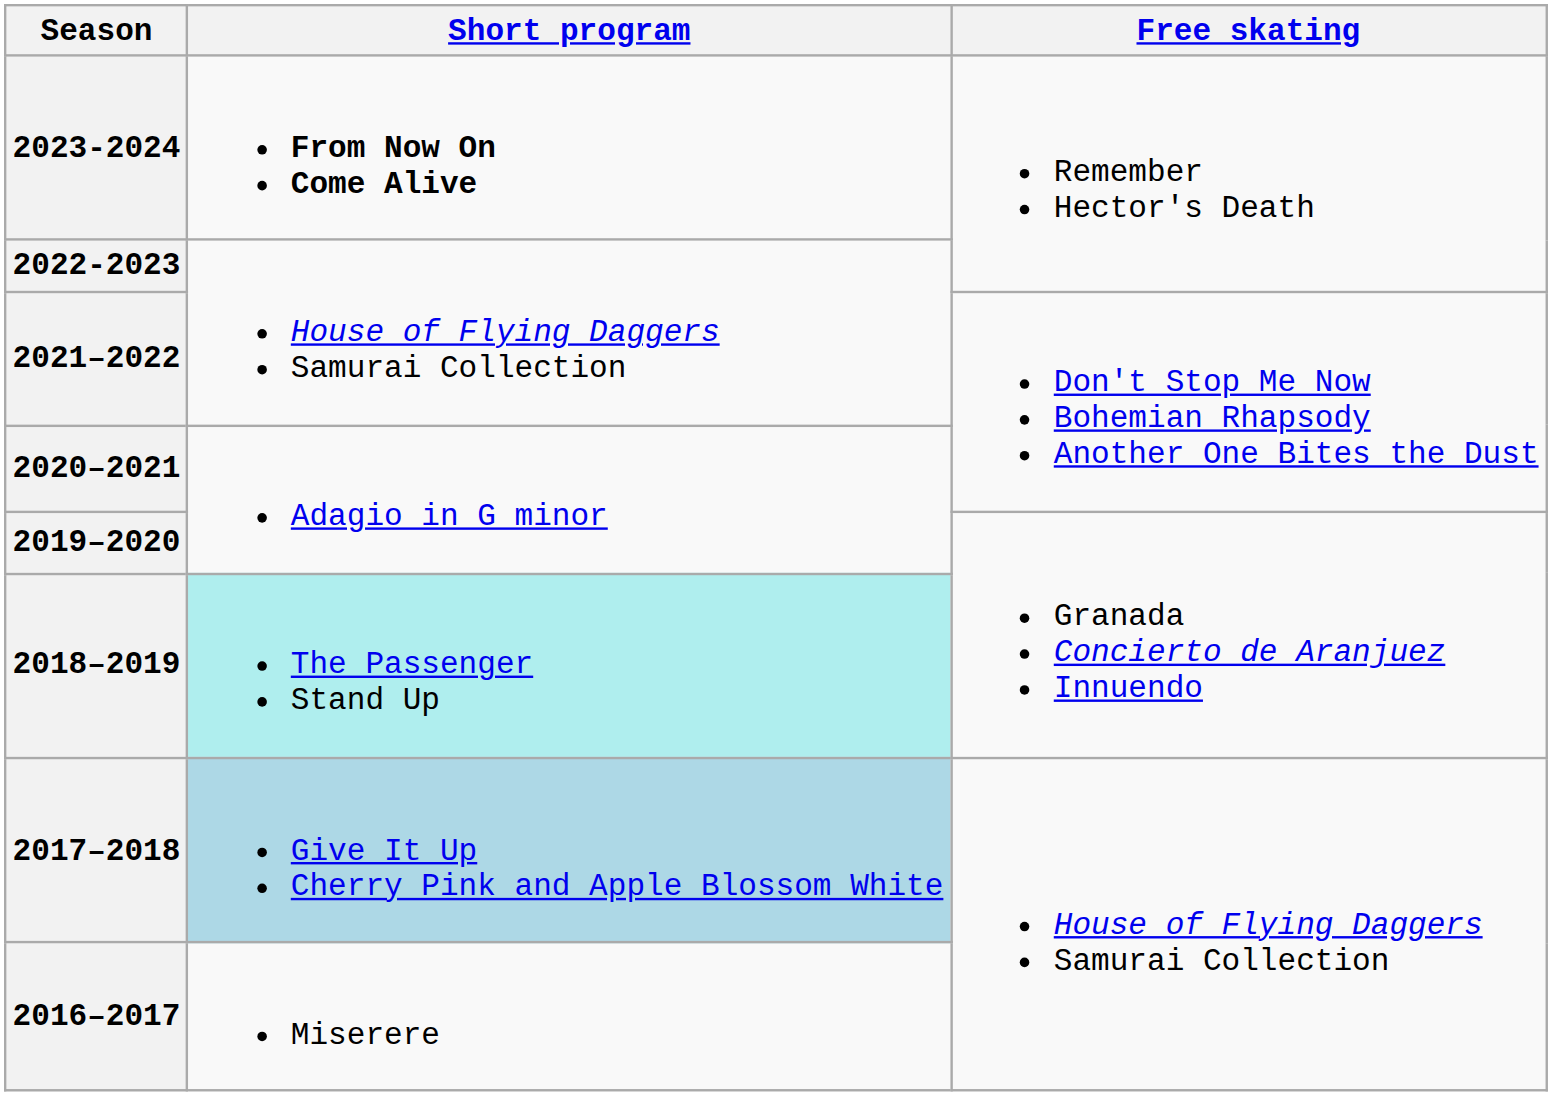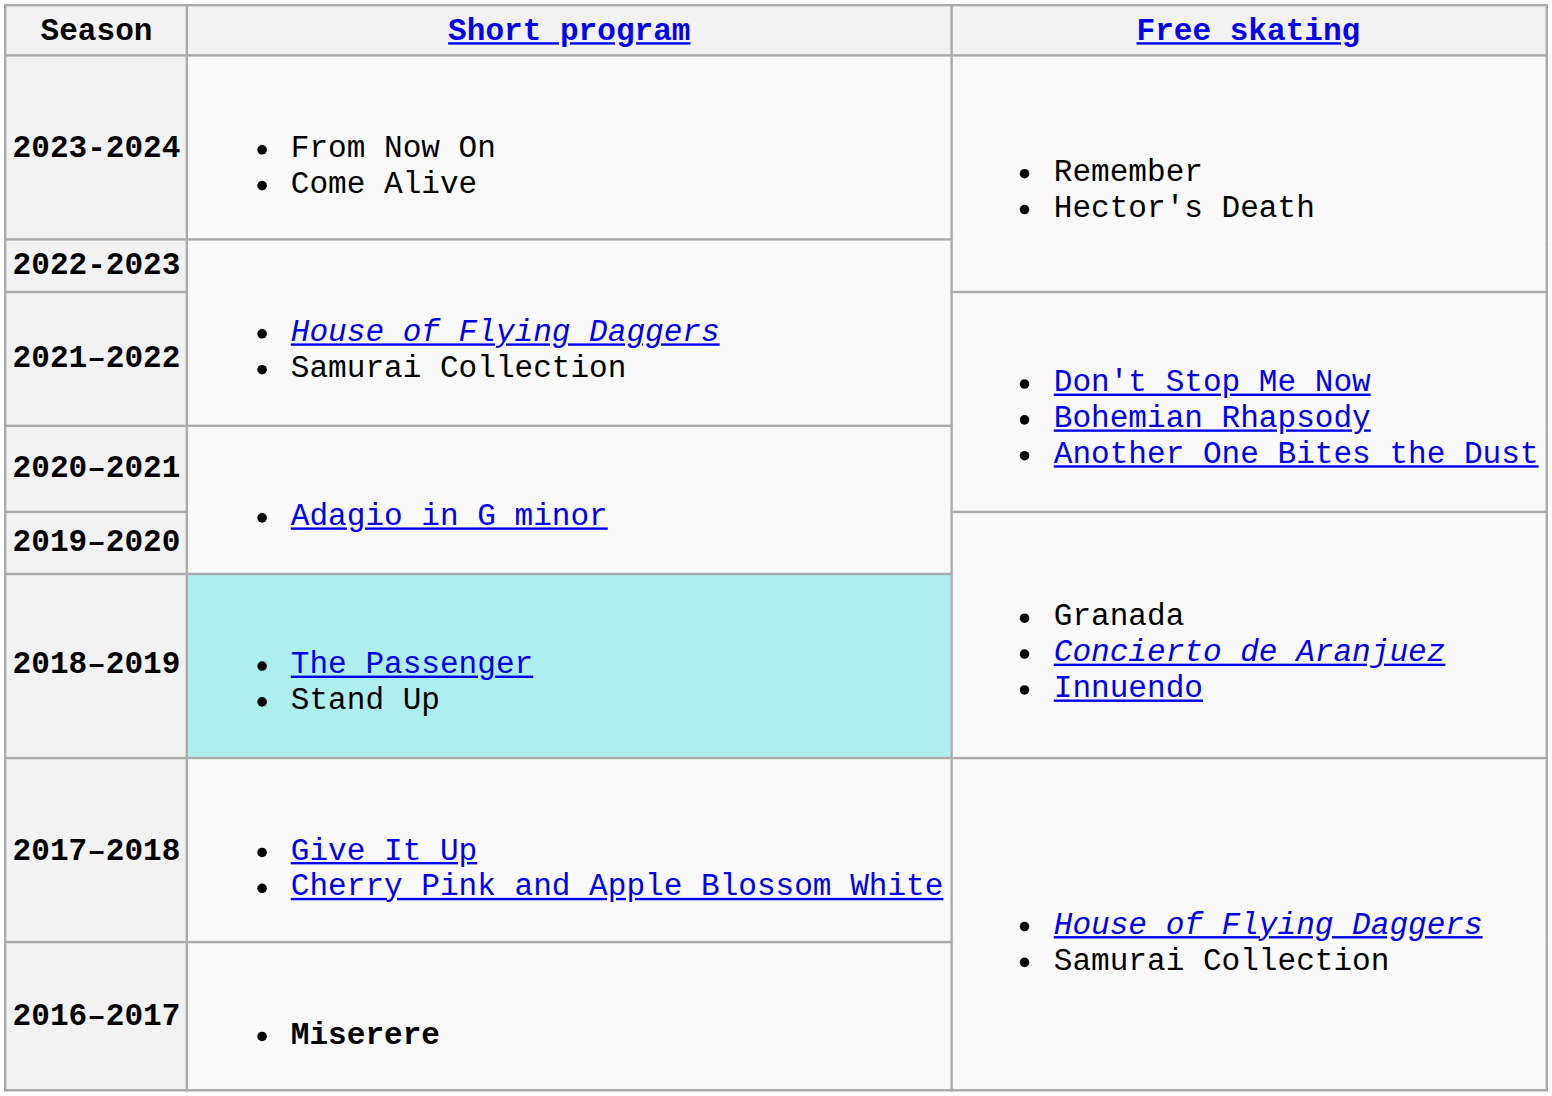 <table class="wikitable">
 <tr>
 <th>Season</th>
 <th><a href='#'>Short program</a></th>
 <th><a href='#'>Free skating</a></th>
 </tr>
 <tr>
 <th>2023-2024</th>
-<td><strong><br><ul><li>From Now On</li><li>Come Alive<br> </li></ul></strong></td>
+<td><br><ul><li>From Now On</li><li>Come Alive<br> </li></ul></td>
 <td rowspan=2><br><ul><li>Remember</li><li>Hector's Death<br> </li></ul></td>
 </tr>
 <tr>
 <th>2022-2023</th>
 <td rowspan=2><br><ul><li><em><a href='#'>House of Flying Daggers</a></em> <br> </li><li>Samurai Collection <br> </li></ul></td>
 </tr>
 <tr>
 <th>2021–2022</th>
 <td rowspan=2><br><ul><li><a href='#'>Don't Stop Me Now</a></li><li><a href='#'>Bohemian Rhapsody</a></li><li><a href='#'>Another One Bites the Dust</a><br></li></ul></td>
 </tr>
 <tr>
 <th>2020–2021<br></th>
 <td rowspan=2><br><ul><li><a href='#'>Adagio in G minor</a><br></li></ul></td>
 </tr>
 <tr>
 <th>2019–2020</th>
 <td rowspan=2><br><ul><li>Granada<br></li><li><em><a href='#'>Concierto de Aranjuez</a></em><br></li><li><a href='#'>Innuendo</a><br></li></ul></td>
 </tr>
 <tr>
 <th>2018–2019<br></th>
 <td style="background: paleturquoise;"><br><ul><li><a href='#'>The Passenger</a><br></li><li>Stand Up<br></li></ul></td>
 </tr>
 <tr>
 <th>2017–2018<br></th>
-<td style="background: lightblue;"><br><ul><li><a href='#'>Give It Up</a><br></li><li><a href='#'>Cherry Pink and Apple Blossom White</a><br></li></ul></td>
+<td><br><ul><li><a href='#'>Give It Up</a><br></li><li><a href='#'>Cherry Pink and Apple Blossom White</a><br></li></ul></td>
 <td rowspan=2><br><ul><li><em><a href='#'>House of Flying Daggers</a></em><br></li><li>Samurai Collection<br></li></ul></td>
 </tr>
 <tr>
 <th>2016–2017<br></th>
-<td><br><ul><li>Miserere<br></li></ul></td>
+<td><strong><br><ul><li>Miserere<br></li></ul></strong></td>
 </tr>
 </table>
